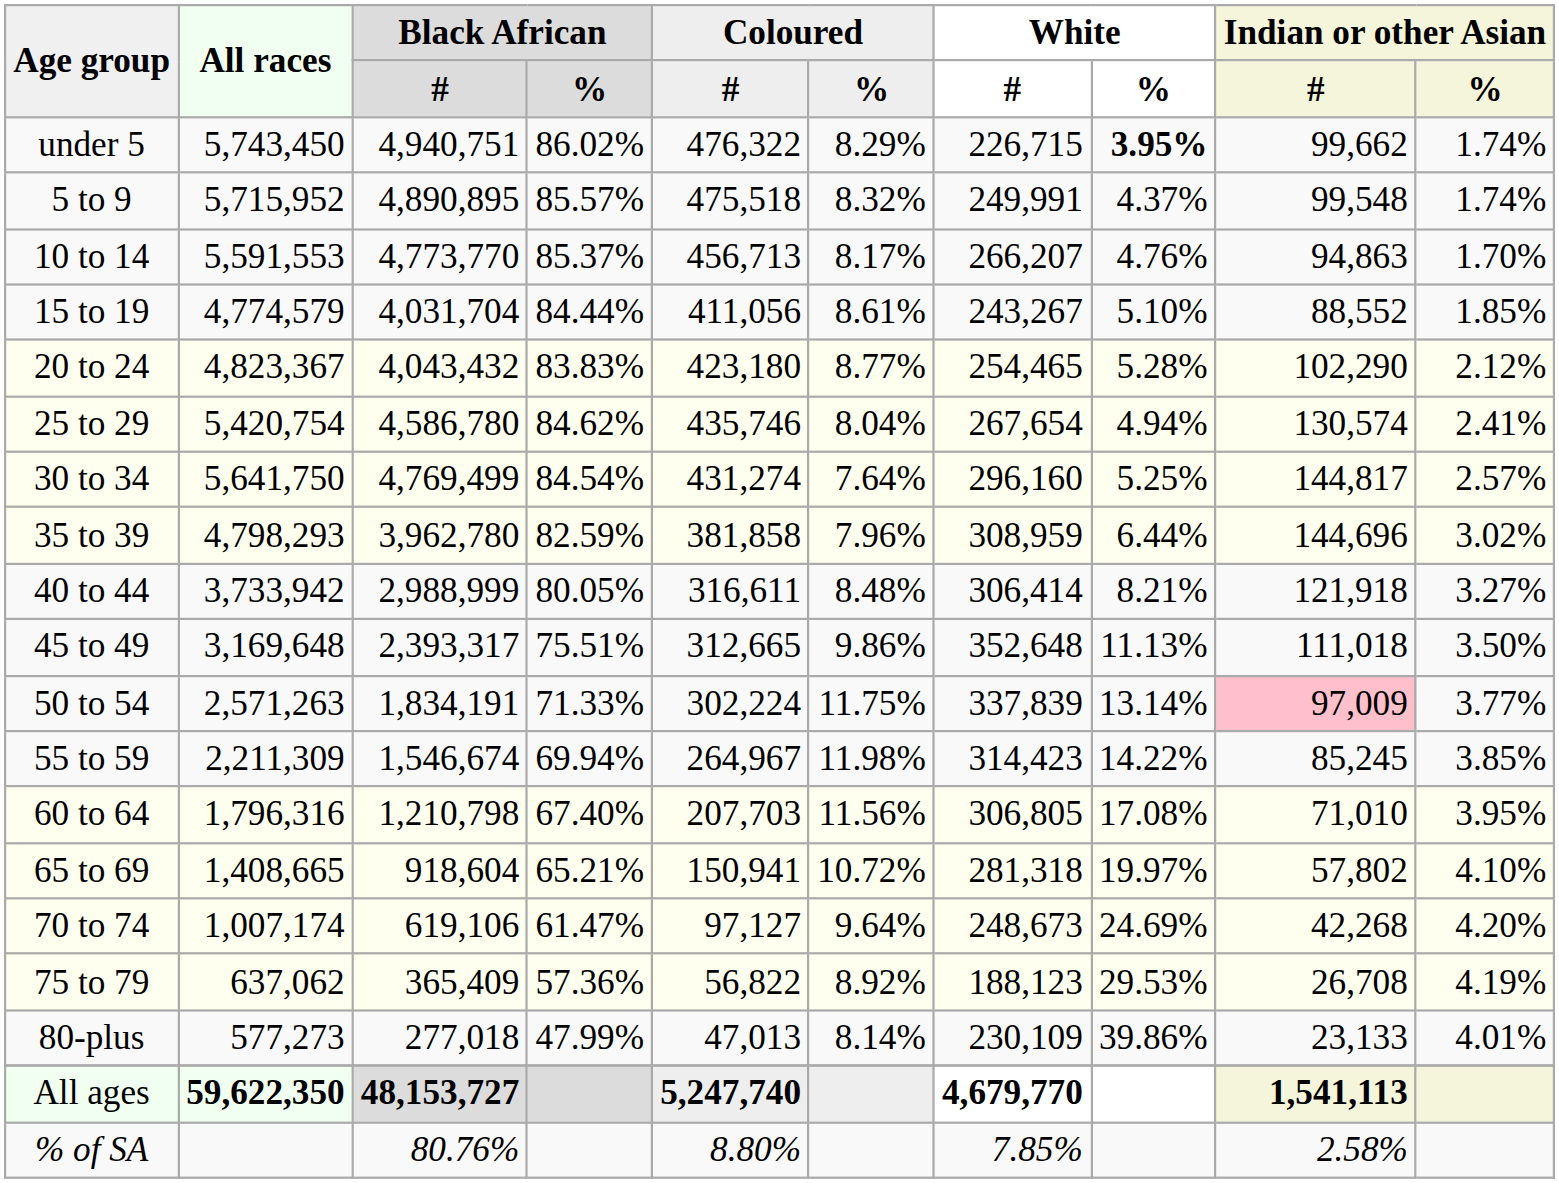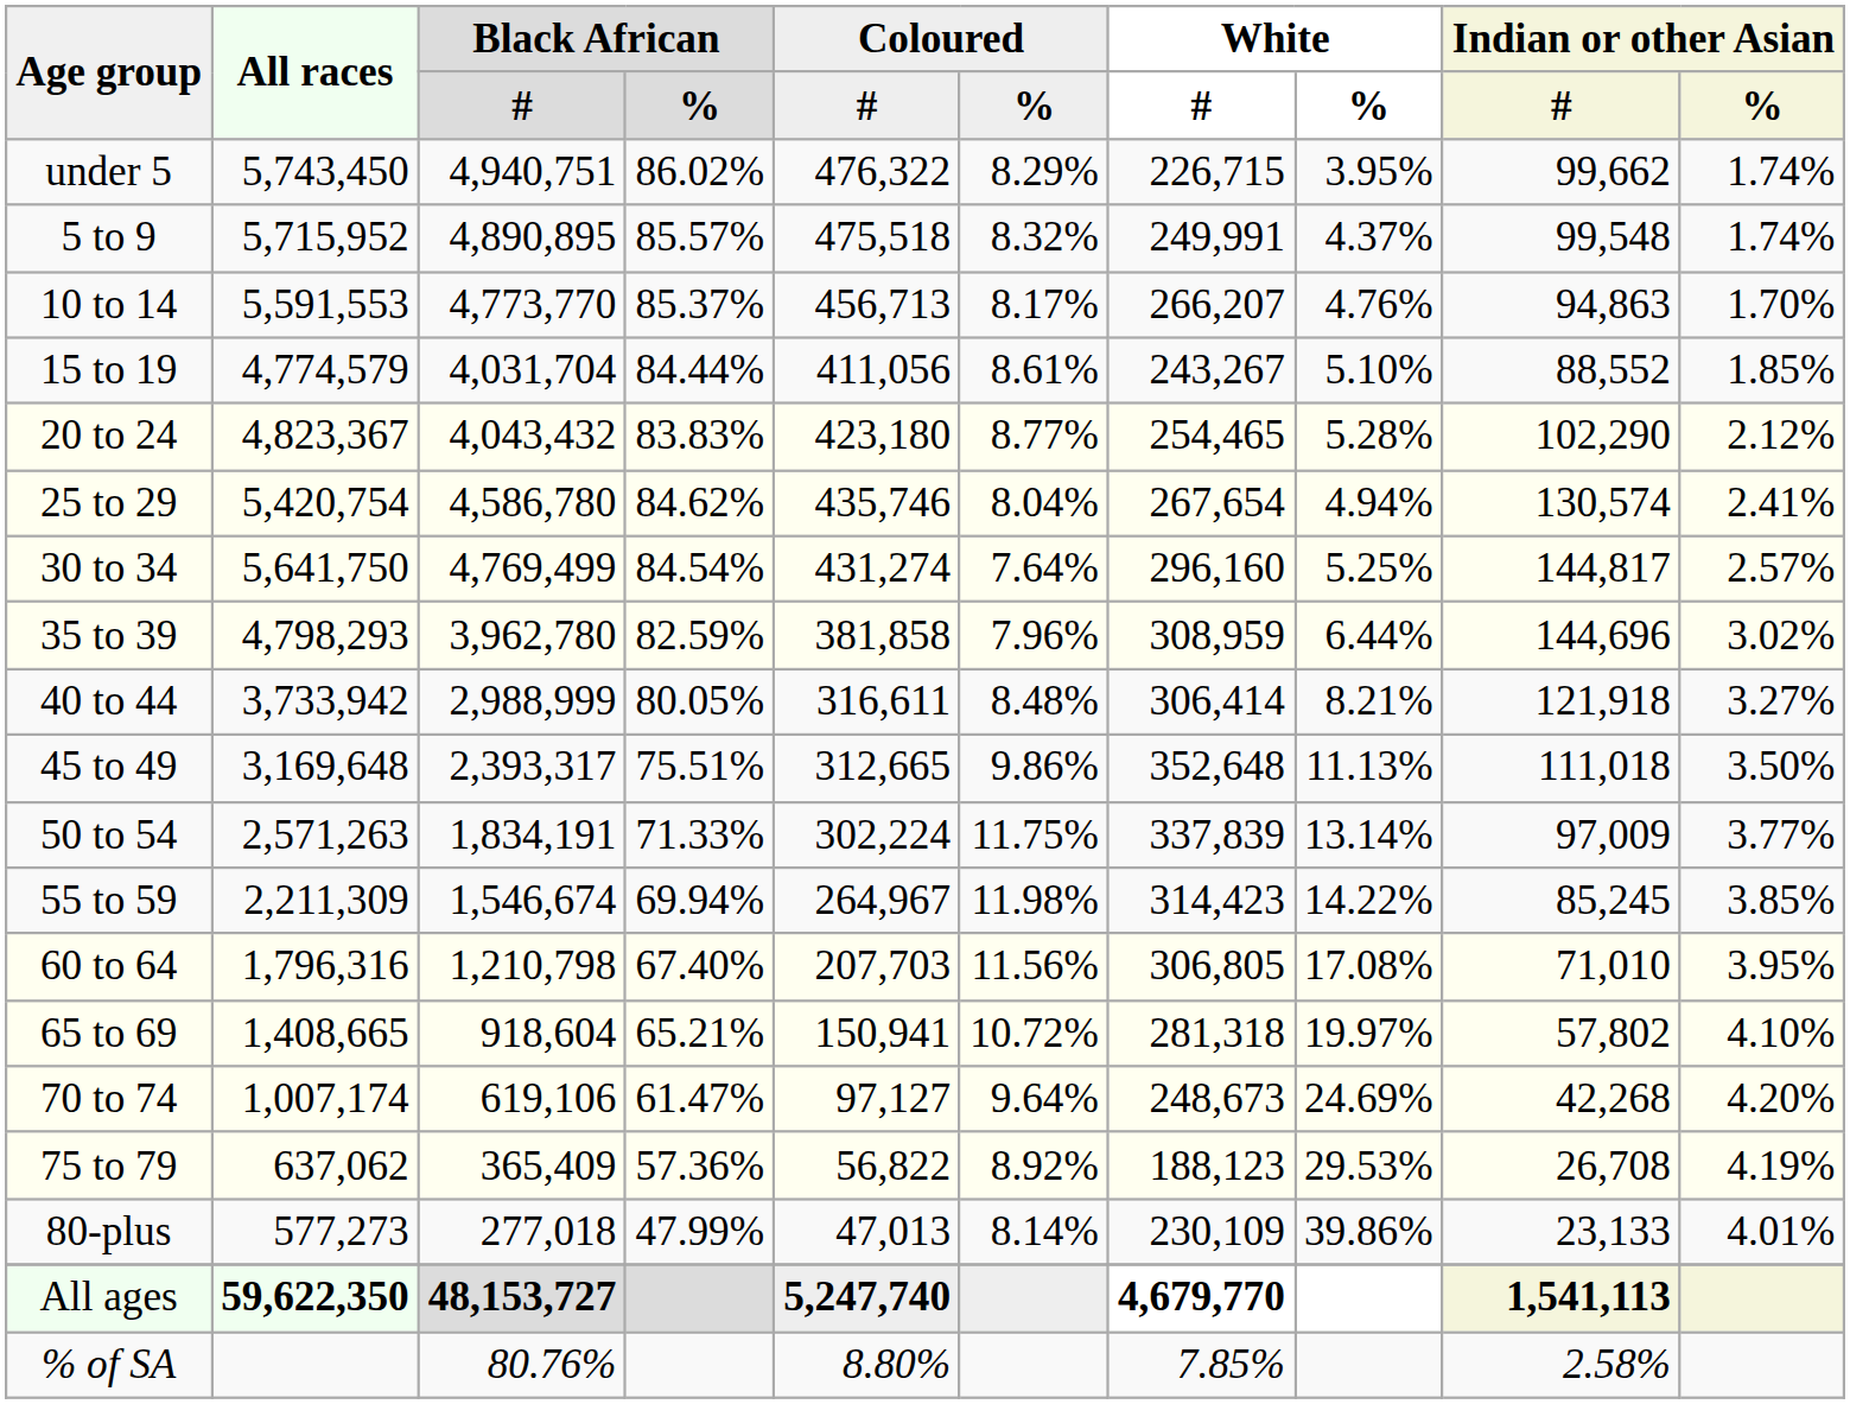 <table class="wikitable" style="text-align:right">
 <tr>
 <th rowspan=2 style="background:#f0f0f0;">Age group</th>
 <th rowspan=2 style="background:honeydew;">All races</th>
 <th colspan=2 style="background:gainsboro;">Black African</th>
 <th colspan=2 style="background:#eee;">Coloured</th>
 <th colspan=2 style="background:white;">White</th>
 <th colspan=2 style="background:beige;">Indian or other Asian</th>
 </tr>
 <tr>
 <th style="background:gainsboro;">#</th>
 <th style="background:gainsboro;">%</th>
 <th style="background:#eee;">#</th>
 <th style="background:#eee;">%</th>
 <th style="background:white;">#</th>
 <th style="background:white;">%</th>
 <th style="background:beige;">#</th>
 <th style="background:beige;">%</th>
 </tr>
 <tr>
 <td style="text-align:center">under 5</td>
 <td>5,743,450</td>
 <td>4,940,751</td>
 <td>86.02%</td>
 <td>476,322</td>
 <td>8.29%</td>
 <td>226,715</td>
-<td><strong>3.95%</strong></td>
+<td>3.95%</td>
 <td>99,662</td>
 <td>1.74%</td>
 </tr>
 <tr>
 <td style="text-align:center">5 to 9</td>
 <td>5,715,952</td>
 <td>4,890,895</td>
 <td>85.57%</td>
 <td>475,518</td>
 <td>8.32%</td>
 <td>249,991</td>
 <td>4.37%</td>
 <td>99,548</td>
 <td>1.74%</td>
 </tr>
 <tr>
 <td style="text-align:center">10 to 14</td>
 <td>5,591,553</td>
 <td>4,773,770</td>
 <td>85.37%</td>
 <td>456,713</td>
 <td>8.17%</td>
 <td>266,207</td>
 <td>4.76%</td>
 <td>94,863</td>
 <td>1.70%</td>
 </tr>
 <tr>
 <td style="text-align:center">15 to 19</td>
 <td>4,774,579</td>
 <td>4,031,704</td>
 <td>84.44%</td>
 <td>411,056</td>
 <td>8.61%</td>
 <td>243,267</td>
 <td>5.10%</td>
 <td>88,552</td>
 <td>1.85%</td>
 </tr>
 <tr style="background:ivory">
 <td style="text-align:center">20 to 24</td>
 <td>4,823,367</td>
 <td>4,043,432</td>
 <td>83.83%</td>
 <td>423,180</td>
 <td>8.77%</td>
 <td>254,465</td>
 <td>5.28%</td>
 <td>102,290</td>
 <td>2.12%</td>
 </tr>
 <tr style="background:ivory">
 <td style="text-align:center">25 to 29</td>
 <td>5,420,754</td>
 <td>4,586,780</td>
 <td>84.62%</td>
 <td>435,746</td>
 <td>8.04%</td>
 <td>267,654</td>
 <td>4.94%</td>
 <td>130,574</td>
 <td>2.41%</td>
 </tr>
 <tr style="background:ivory">
 <td style="text-align:center">30 to 34</td>
 <td>5,641,750</td>
 <td>4,769,499</td>
 <td>84.54%</td>
 <td>431,274</td>
 <td>7.64%</td>
 <td>296,160</td>
 <td>5.25%</td>
 <td>144,817</td>
 <td>2.57%</td>
 </tr>
 <tr style="background:ivory">
 <td style="text-align:center">35 to 39</td>
 <td>4,798,293</td>
 <td>3,962,780</td>
 <td>82.59%</td>
 <td>381,858</td>
 <td>7.96%</td>
 <td>308,959</td>
 <td>6.44%</td>
 <td>144,696</td>
 <td>3.02%</td>
 </tr>
 <tr>
 <td style="text-align:center">40 to 44</td>
 <td>3,733,942</td>
 <td>2,988,999</td>
 <td>80.05%</td>
 <td>316,611</td>
 <td>8.48%</td>
 <td>306,414</td>
 <td>8.21%</td>
 <td>121,918</td>
 <td>3.27%</td>
 </tr>
 <tr>
 <td style="text-align:center">45 to 49</td>
 <td>3,169,648</td>
 <td>2,393,317</td>
 <td>75.51%</td>
 <td>312,665</td>
 <td>9.86%</td>
 <td>352,648</td>
 <td>11.13%</td>
 <td>111,018</td>
 <td>3.50%</td>
 </tr>
 <tr>
 <td style="text-align:center">50 to 54</td>
 <td>2,571,263</td>
 <td>1,834,191</td>
 <td>71.33%</td>
 <td>302,224</td>
 <td>11.75%</td>
 <td>337,839</td>
 <td>13.14%</td>
-<td style="background: pink;">97,009</td>
+<td>97,009</td>
 <td>3.77%</td>
 </tr>
 <tr>
 <td style="text-align:center">55 to 59</td>
 <td>2,211,309</td>
 <td>1,546,674</td>
 <td>69.94%</td>
 <td>264,967</td>
 <td>11.98%</td>
 <td>314,423</td>
 <td>14.22%</td>
 <td>85,245</td>
 <td>3.85%</td>
 </tr>
 <tr style="background:ivory">
 <td style="text-align:center">60 to 64</td>
 <td>1,796,316</td>
 <td>1,210,798</td>
 <td>67.40%</td>
 <td>207,703</td>
 <td>11.56%</td>
 <td>306,805</td>
 <td>17.08%</td>
 <td>71,010</td>
 <td>3.95%</td>
 </tr>
 <tr style="background:ivory">
 <td style="text-align:center">65 to 69</td>
 <td>1,408,665</td>
 <td>918,604</td>
 <td>65.21%</td>
 <td>150,941</td>
 <td>10.72%</td>
 <td>281,318</td>
 <td>19.97%</td>
 <td>57,802</td>
 <td>4.10%</td>
 </tr>
 <tr style="background:ivory">
 <td style="text-align:center">70 to 74</td>
 <td>1,007,174</td>
 <td>619,106</td>
 <td>61.47%</td>
 <td>97,127</td>
 <td>9.64%</td>
 <td>248,673</td>
 <td>24.69%</td>
 <td>42,268</td>
 <td>4.20%</td>
 </tr>
 <tr style="background:ivory">
 <td style="text-align:center">75 to 79</td>
 <td>637,062</td>
 <td>365,409</td>
 <td>57.36%</td>
 <td>56,822</td>
 <td>8.92%</td>
 <td>188,123</td>
 <td>29.53%</td>
 <td>26,708</td>
 <td>4.19%</td>
 </tr>
 <tr>
 <td style="text-align:center">80-plus</td>
 <td>577,273</td>
 <td>277,018</td>
 <td>47.99%</td>
 <td>47,013</td>
 <td>8.14%</td>
 <td>230,109</td>
 <td>39.86%</td>
 <td>23,133</td>
 <td>4.01%</td>
 </tr>
 <tr>
 </tr>
 <tr style="background:honeydew">
 <td style="text-align:center">All ages</td>
 <td><strong>59,622,350</strong></td>
 <td style="background:gainsboro;"><strong>48,153,727</strong></td>
 <td style="background:gainsboro;"></td>
 <td style="background:#eee;"><strong>5,247,740</strong></td>
 <td style="background:#eee;"></td>
 <td style="background:white;"><strong>4,679,770</strong></td>
 <td style="background:white;"></td>
 <td style="background:beige;"><strong>1,541,113</strong></td>
 <td style="background:beige;"></td>
 </tr>
 <tr>
 <td style="text-align:center"><em>% of SA</em></td>
 <td></td>
 <td><em>80.76%</em></td>
 <td></td>
 <td><em>8.80%</em></td>
 <td></td>
 <td><em>7.85%</em></td>
 <td></td>
 <td><em>2.58%</em></td>
 <td></td>
 </tr>
 </table>
